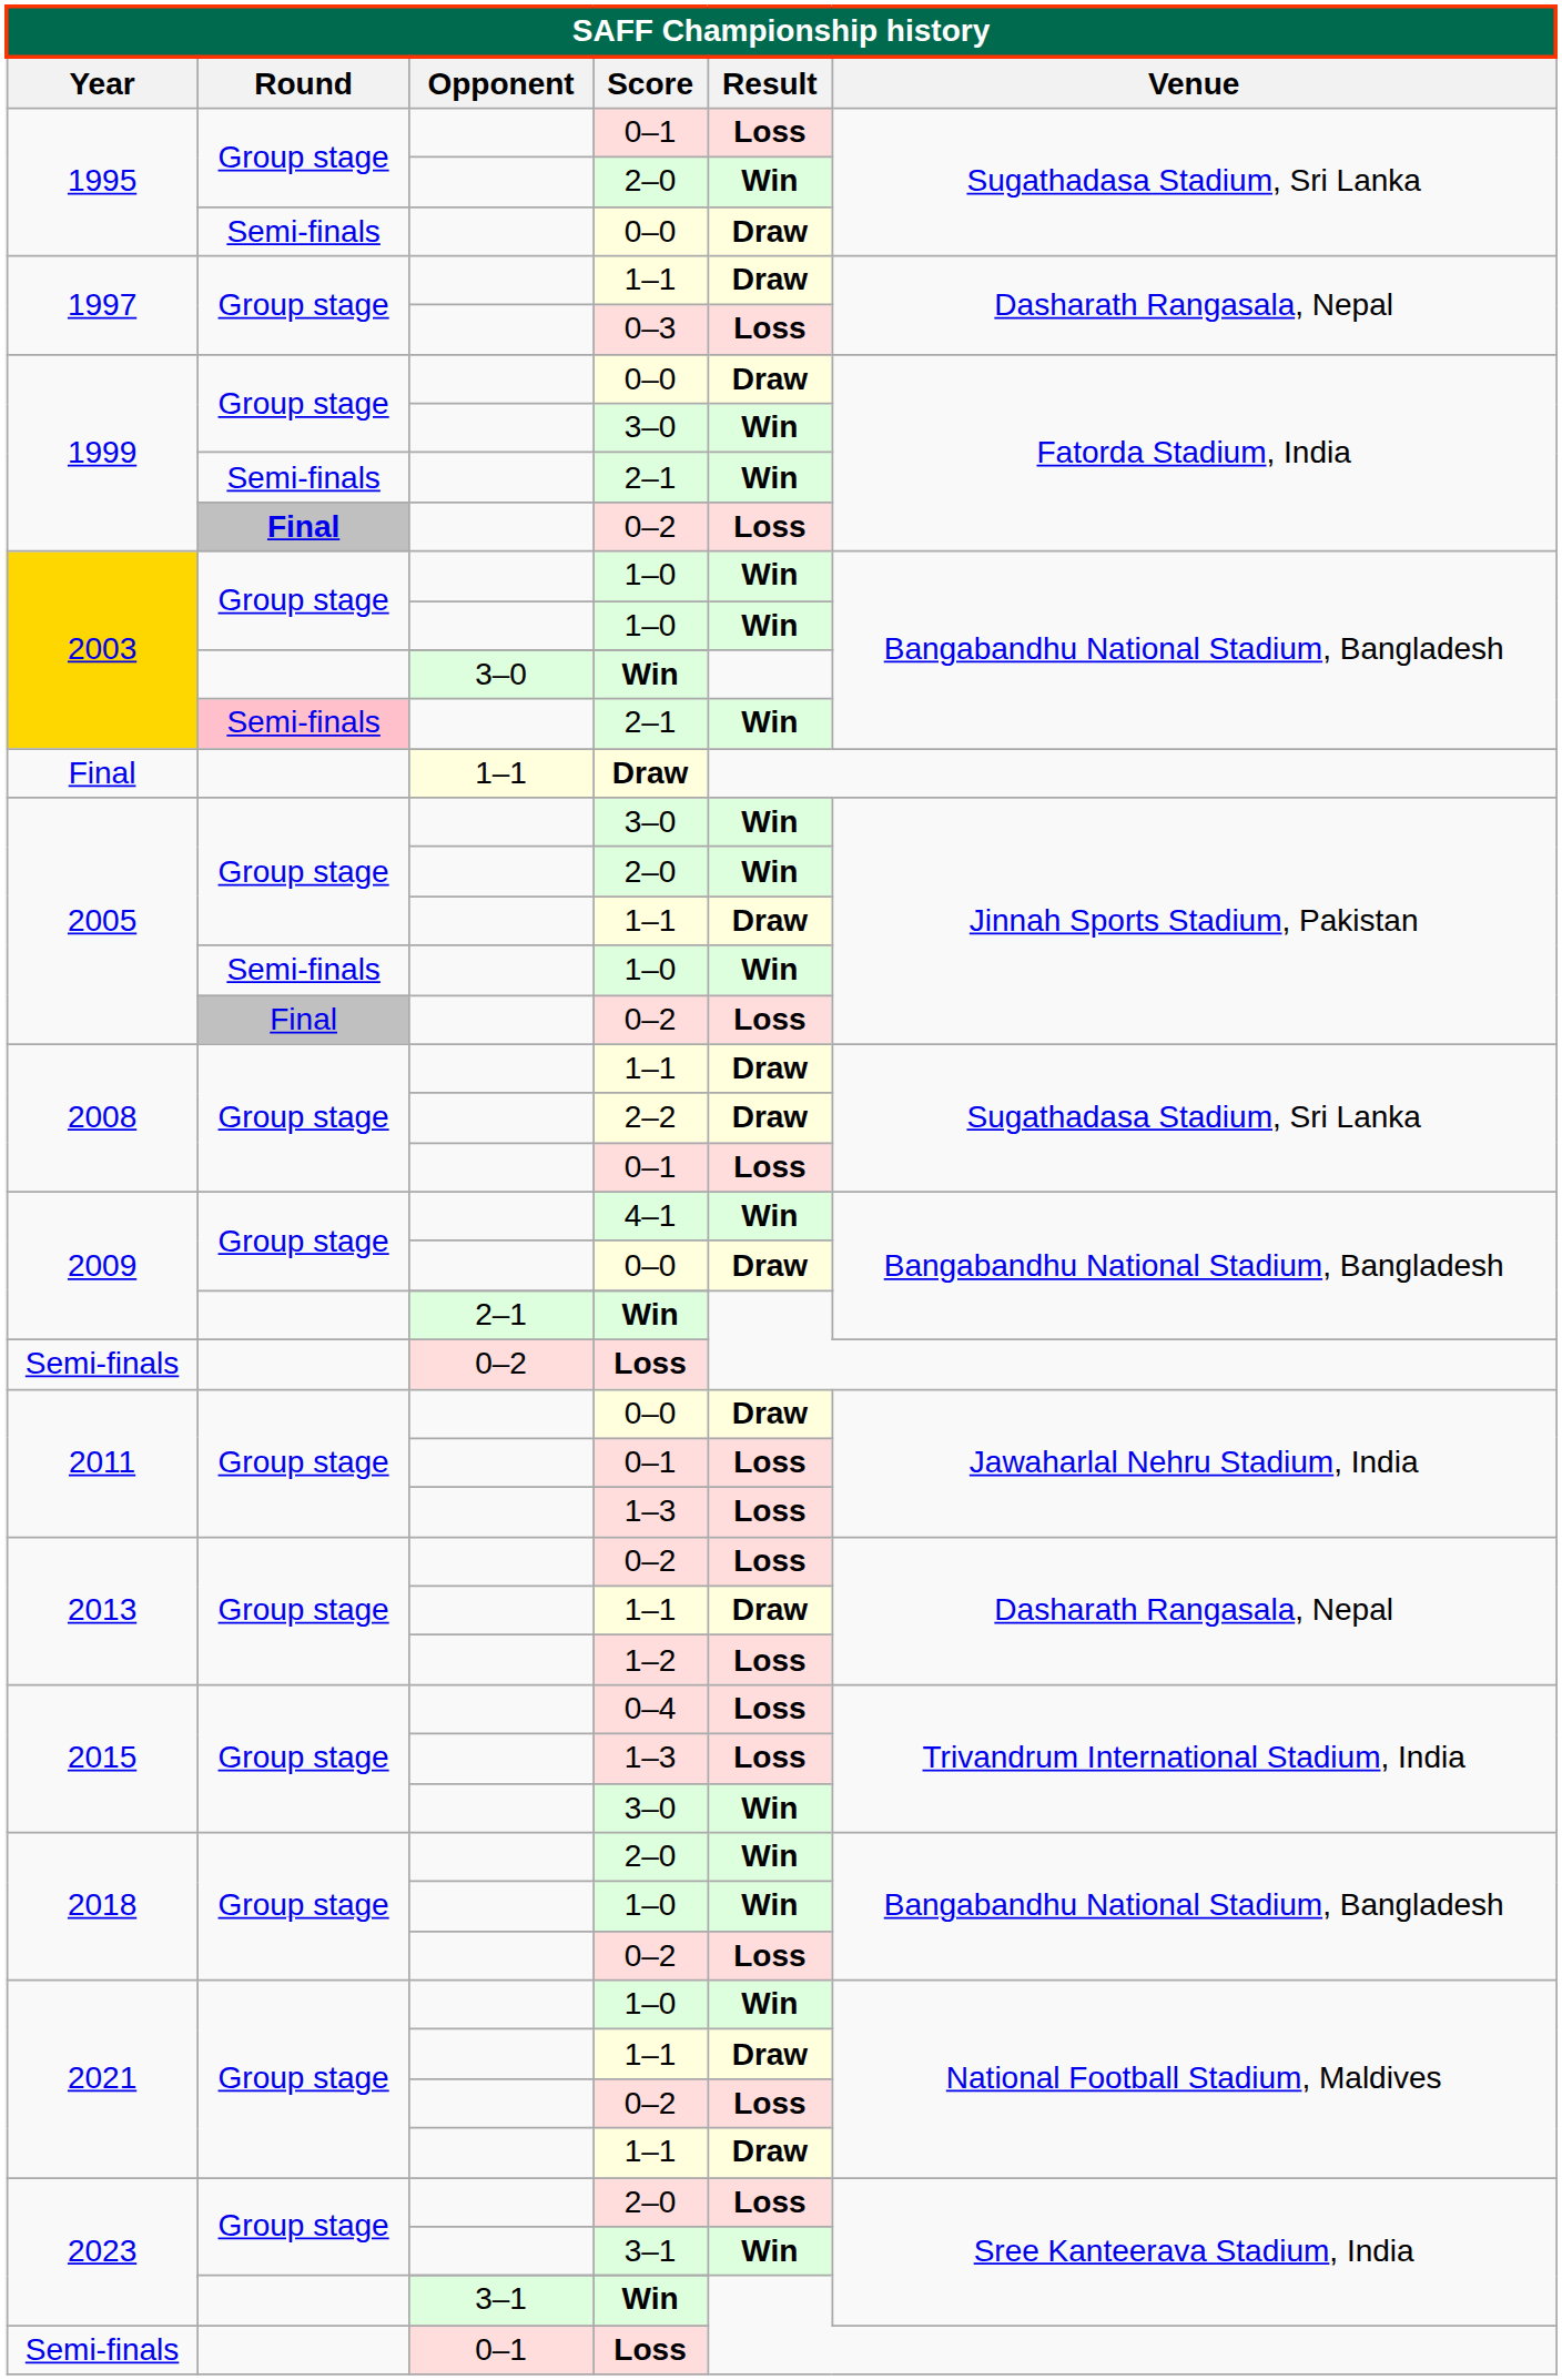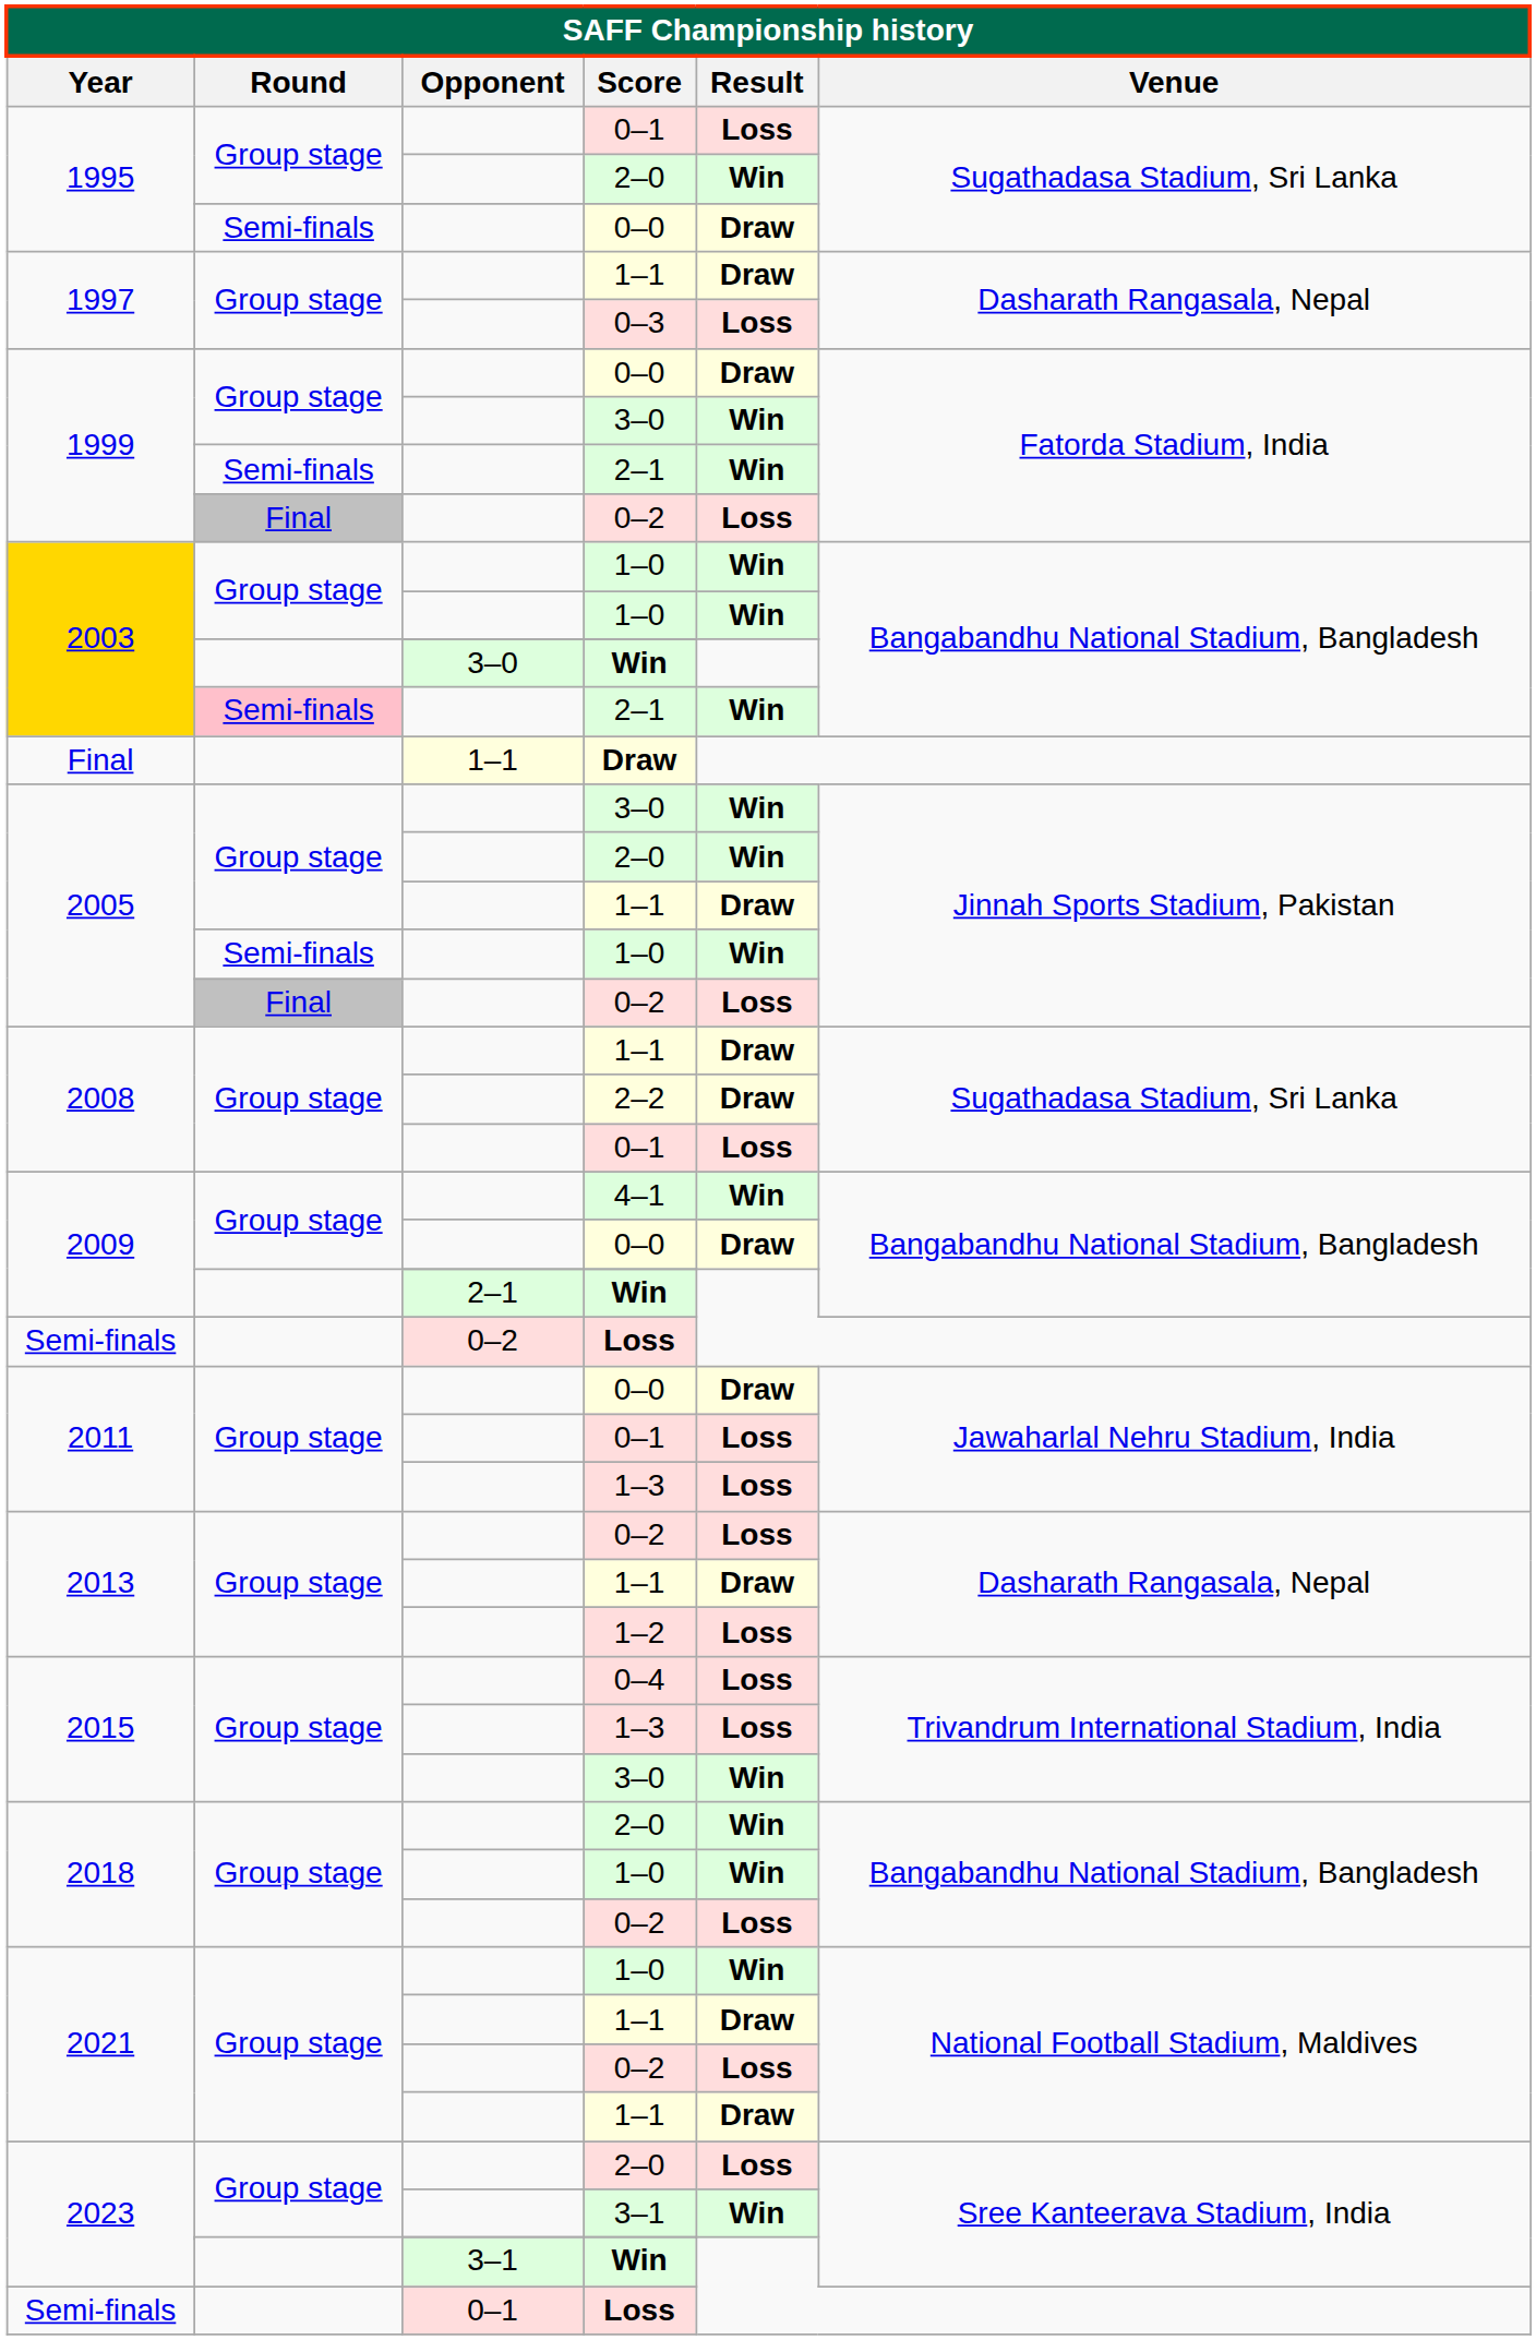 <table class="wikitable collapsible collapsed" style="text-align: center; font-size: 100%;width: 800px">
 <tr>
 <th colspan="7" style="background: #006a4e;border: 2px solid #ff3300;color: #FFFFFF;">SAFF Championship history</th>
 </tr>
 <tr>
 <th>Year</th>
 <th>Round</th>
 <th>Opponent</th>
 <th>Score</th>
 <th>Result</th>
 <th>Venue</th>
 </tr>
 <tr>
 <td rowspan=3><a href='#'>1995</a></td>
 <td rowspan=2><a href='#'>Group stage</a></td>
 <td style="text-align:left"></td>
 <td style="background:#fdd;">0–1</td>
 <td style="background:#fdd;"><strong>Loss</strong></td>
 <td rowspan=3><a href='#'>Sugathadasa Stadium</a>,  Sri Lanka</td>
 </tr>
 <tr>
 <td style="text-align:left"></td>
 <td style="background:#dfd;">2–0</td>
 <td style="background:#dfd;"><strong>Win</strong></td>
 </tr>
 <tr>
 <td><a href='#'>Semi-finals</a></td>
 <td style="text-align:left"></td>
 <td style="background:#ffd;">0–0 </td>
 <td style="background:#ffd;"><strong>Draw</strong></td>
 </tr>
 <tr>
 <td rowspan=2><a href='#'>1997</a></td>
 <td rowspan=2><a href='#'>Group stage</a></td>
 <td style="text-align:left"></td>
 <td style="background:#ffd;">1–1</td>
 <td style="background:#ffd;"><strong>Draw</strong></td>
 <td rowspan=2><a href='#'>Dasharath Rangasala</a>,  Nepal</td>
 </tr>
 <tr>
 <td style="text-align:left"></td>
 <td style="background:#fdd;">0–3</td>
 <td style="background:#fdd;"><strong>Loss</strong></td>
 </tr>
 <tr>
 <td rowspan=4><a href='#'>1999</a></td>
 <td rowspan=2><a href='#'>Group stage</a></td>
 <td style="text-align:left"></td>
 <td style="background:#ffd;">0–0</td>
 <td style="background:#ffd;"><strong>Draw</strong></td>
 <td rowspan=4><a href='#'>Fatorda Stadium</a>,  India</td>
 </tr>
 <tr>
 <td style="text-align:left"></td>
 <td style="background:#dfd;">3–0</td>
 <td style="background:#dfd;"><strong>Win</strong></td>
 </tr>
 <tr>
 <td><a href='#'>Semi-finals</a></td>
 <td style="text-align:left"></td>
 <td style="background:#dfd;">2–1</td>
 <td style="background:#dfd;"><strong>Win</strong></td>
 </tr>
 <tr>
-<td style="background-color:Silver;"><strong><a href='#'>Final</a></strong></td>
+<td style="background-color:Silver;"><a href='#'>Final</a></td>
 <td style="text-align:left"></td>
 <td style="background:#fdd;">0–2</td>
 <td style="background:#fdd;"><strong>Loss</strong></td>
 </tr>
 <tr>
 <td rowspan=5 style="background-color:Gold;"><a href='#'>2003</a></td>
 <td rowspan=3><a href='#'>Group stage</a></td>
 <td style="text-align:left"></td>
 <td style="background:#dfd;">1–0</td>
 <td style="background:#dfd;"><strong>Win</strong></td>
 <td rowspan=5><a href='#'>Bangabandhu National Stadium</a>,  Bangladesh</td>
 </tr>
 <tr>
 <td style="text-align:left"></td>
 <td style="background:#dfd;">1–0</td>
 <td style="background:#dfd;"><strong>Win</strong></td>
 </tr>
 <tr>
 </tr>
 <tr>
 <td style="text-align:left"></td>
 <td style="background:#dfd;">3–0</td>
 <td style="background:#dfd;"><strong>Win</strong></td>
 </tr>
 <tr>
 <td style="background: pink;"><a href='#'>Semi-finals</a></td>
 <td style="text-align:left"></td>
 <td style="background:#dfd;">2–1 </td>
 <td style="background:#dfd;"><strong>Win</strong></td>
 </tr>
 <tr>
 <td><a href='#'>Final</a></td>
 <td style="text-align:left"></td>
 <td style="background:#ffd;">1–1 </td>
 <td style="background:#ffd;"><strong>Draw</strong></td>
 </tr>
 <tr>
 <td rowspan=5><a href='#'>2005</a></td>
 <td rowspan=3><a href='#'>Group stage</a></td>
 <td style="text-align:left"></td>
 <td style="background:#dfd;">3–0</td>
 <td style="background:#dfd;"><strong>Win</strong></td>
 <td rowspan=5><a href='#'>Jinnah Sports Stadium</a>,  Pakistan</td>
 </tr>
 <tr>
 <td style="text-align:left"></td>
 <td style="background:#dfd;">2–0</td>
 <td style="background:#dfd;"><strong>Win</strong></td>
 </tr>
 <tr>
 <td style="text-align:left"></td>
 <td style="background:#ffd;">1–1</td>
 <td style="background:#ffd;"><strong>Draw</strong></td>
 </tr>
 <tr>
 <td><a href='#'>Semi-finals</a></td>
 <td style="text-align:left"></td>
 <td style="background:#dfd;">1–0</td>
 <td style="background:#dfd;"><strong>Win</strong></td>
 </tr>
 <tr>
 <td style="background-color:Silver;"><a href='#'>Final</a></td>
 <td style="text-align:left"></td>
 <td style="background:#fdd;">0–2</td>
 <td style="background:#fdd;"><strong>Loss</strong></td>
 </tr>
 <tr>
 <td rowspan=3><a href='#'>2008</a></td>
 <td rowspan=3><a href='#'>Group stage</a></td>
 <td style="text-align:left"></td>
 <td style="background:#ffd;">1–1</td>
 <td style="background:#ffd;"><strong>Draw</strong></td>
 <td rowspan=3><a href='#'>Sugathadasa Stadium</a>,  Sri Lanka</td>
 </tr>
 <tr>
 <td style="text-align:left"></td>
 <td style="background:#ffd;">2–2</td>
 <td style="background:#ffd;"><strong>Draw</strong></td>
 </tr>
 <tr>
 <td style="text-align:left"></td>
 <td style="background:#fdd;">0–1</td>
 <td style="background:#fdd;"><strong>Loss</strong></td>
 </tr>
 <tr>
 <td rowspan=4><a href='#'>2009</a></td>
 <td rowspan=3><a href='#'>Group stage</a></td>
 <td style="text-align:left"></td>
 <td style="background:#dfd;">4–1</td>
 <td style="background:#dfd;"><strong>Win</strong></td>
 <td rowspan=4><a href='#'>Bangabandhu National Stadium</a>,  Bangladesh</td>
 </tr>
 <tr>
 <td style="text-align:left"></td>
 <td style="background:#ffd;">0–0</td>
 <td style="background:#ffd;"><strong>Draw</strong></td>
 </tr>
 <tr>
 </tr>
 <tr>
 <td style="text-align:left"></td>
 <td style="background:#dfd;">2–1</td>
 <td style="background:#dfd;"><strong>Win</strong></td>
 </tr>
 <tr>
 <td><a href='#'>Semi-finals</a></td>
 <td style="text-align:left"></td>
 <td style="background:#fdd;">0–2</td>
 <td style="background:#fdd;"><strong>Loss</strong></td>
 </tr>
 <tr>
 <td rowspan=3><a href='#'>2011</a></td>
 <td rowspan=3><a href='#'>Group stage</a></td>
 <td style="text-align:left"></td>
 <td style="background:#ffd;">0–0</td>
 <td style="background:#ffd;"><strong>Draw</strong></td>
 <td rowspan=3><a href='#'>Jawaharlal Nehru Stadium</a>,  India</td>
 </tr>
 <tr>
 <td style="text-align:left"></td>
 <td style="background:#fdd;">0–1</td>
 <td style="background:#fdd;"><strong>Loss</strong></td>
 </tr>
 <tr>
 <td style="text-align:left"></td>
 <td style="background:#fdd;">1–3</td>
 <td style="background:#fdd;"><strong>Loss</strong></td>
 </tr>
 <tr>
 <td rowspan=3><a href='#'>2013</a></td>
 <td rowspan=3><a href='#'>Group stage</a></td>
 <td style="text-align:left"></td>
 <td style="background:#fdd;">0–2</td>
 <td style="background:#fdd;"><strong>Loss</strong></td>
 <td rowspan=3><a href='#'>Dasharath Rangasala</a>,  Nepal</td>
 </tr>
 <tr>
 <td style="text-align:left"></td>
 <td style="background:#ffd;">1–1</td>
 <td style="background:#ffd;"><strong>Draw</strong></td>
 </tr>
 <tr>
 <td style="text-align:left"></td>
 <td style="background:#fdd;">1–2</td>
 <td style="background:#fdd;"><strong>Loss</strong></td>
 </tr>
 <tr>
 <td rowspan=3><a href='#'>2015</a></td>
 <td rowspan=3><a href='#'>Group stage</a></td>
 <td style="text-align:left"></td>
 <td style="background:#fdd;">0–4</td>
 <td style="background:#fdd;"><strong>Loss</strong></td>
 <td rowspan=3><a href='#'>Trivandrum International Stadium</a>,  India</td>
 </tr>
 <tr>
 <td style="text-align:left"></td>
 <td style="background:#fdd;">1–3</td>
 <td style="background:#fdd;"><strong>Loss</strong></td>
 </tr>
 <tr>
 <td style="text-align:left"></td>
 <td style="background:#dfd;">3–0</td>
 <td style="background:#dfd;"><strong>Win</strong></td>
 </tr>
 <tr>
 <td rowspan=3><a href='#'>2018</a></td>
 <td rowspan=3><a href='#'>Group stage</a></td>
 <td style="text-align:left"></td>
 <td style="background:#dfd;">2–0</td>
 <td style="background:#dfd;"><strong>Win</strong></td>
 <td rowspan=3><a href='#'>Bangabandhu National Stadium</a>,  Bangladesh</td>
 </tr>
 <tr>
 <td style="text-align:left"></td>
 <td style="background:#dfd;">1–0</td>
 <td style="background:#dfd;"><strong>Win</strong></td>
 </tr>
 <tr>
 <td style="text-align:left"></td>
 <td style="background:#fdd;">0–2</td>
 <td style="background:#fdd;"><strong>Loss</strong></td>
 </tr>
 <tr>
 <td rowspan=4><a href='#'>2021</a></td>
 <td rowspan=4><a href='#'>Group stage</a></td>
 <td style="text-align:left"></td>
 <td style="background:#dfd;">1–0</td>
 <td style="background:#dfd;"><strong>Win</strong></td>
 <td rowspan=4><a href='#'>National Football Stadium</a>,  Maldives</td>
 </tr>
 <tr>
 <td style="text-align:left"></td>
 <td style="background:#ffd;">1–1</td>
 <td style="background:#ffd;"><strong>Draw</strong></td>
 </tr>
 <tr>
 <td style="text-align:left"></td>
 <td style="background:#fdd;">0–2</td>
 <td style="background:#fdd;"><strong>Loss</strong></td>
 </tr>
 <tr>
 <td style="text-align:left"></td>
 <td style="background:#ffd;">1–1</td>
 <td style="background:#ffd;"><strong>Draw</strong></td>
 </tr>
 <tr>
 <td rowspan=4><a href='#'>2023</a></td>
 <td rowspan=3><a href='#'>Group stage</a></td>
 <td style="text-align:left"></td>
 <td style="background:#fdd;">2–0</td>
 <td style="background:#fdd;"><strong>Loss</strong></td>
 <td rowspan=4><a href='#'>Sree Kanteerava Stadium</a>,  India</td>
 </tr>
 <tr>
 <td style="text-align:left"></td>
 <td style="background:#dfd;">3–1</td>
 <td style="background:#dfd;"><strong>Win</strong></td>
 </tr>
 <tr>
 </tr>
 <tr>
 <td style="text-align:left"></td>
 <td style="background:#dfd;">3–1</td>
 <td style="background:#dfd;"><strong>Win</strong></td>
 </tr>
 <tr>
 <td><a href='#'>Semi-finals</a></td>
 <td style="text-align:left"></td>
 <td style="background:#fdd;">0–1</td>
 <td style="background:#fdd;"><strong>Loss</strong></td>
 </tr>
 </table>
